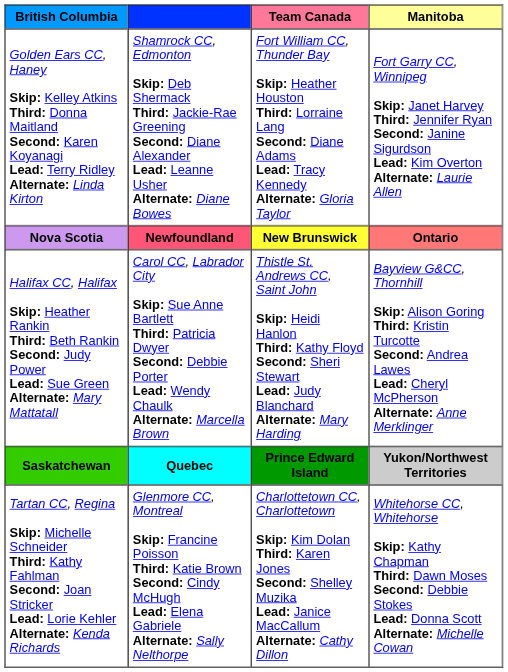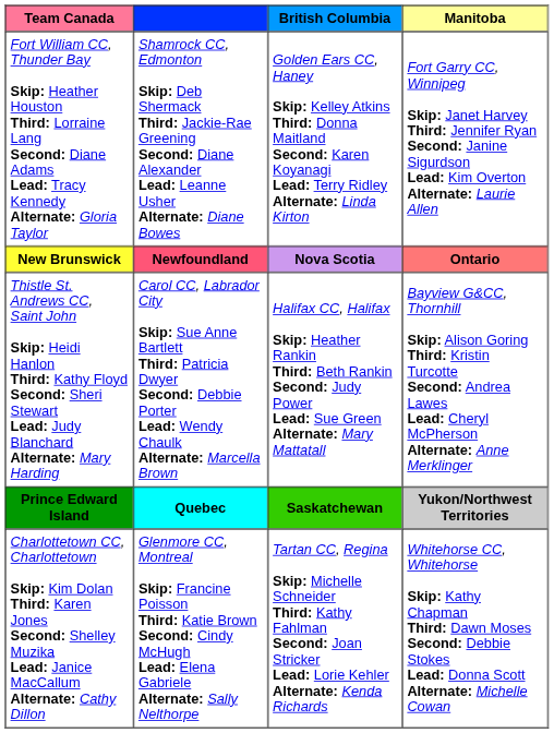 <table border=1 cellpadding=5 cellspacing=0>
 <tr>
+<th bgcolor="#ff7799" width="200">Team Canada</th>
+<th bgcolor="#0033ff" width="200"></th>
 <th bgcolor="#0099ff" width="200">British Columbia</th>
-<th bgcolor="#0033ff" width="200"></th>
-<th bgcolor="#ff7799" width="200">Team Canada</th>
 <th bgcolor="#ffff99" width="200">Manitoba</th>
 </tr>
 <tr align=center>
+<td align=left><em><a href='#'>Fort William CC</a>, <a href='#'>Thunder Bay</a></em> <br><br><strong>Skip:</strong>  <a href='#'>Heather Houston</a><br> <strong>Third:</strong> <a href='#'>Lorraine Lang</a><br> <strong>Second:</strong> <a href='#'>Diane Adams</a><br> <strong>Lead:</strong> <a href='#'>Tracy Kennedy</a><br> <strong>Alternate:</strong> <em><a href='#'>Gloria Taylor</a></em></td>
+<td align=left><em><a href='#'>Shamrock CC</a>, <a href='#'>Edmonton</a></em> <br><br><strong>Skip:</strong>  <a href='#'>Deb Shermack</a><br> <strong>Third:</strong> <a href='#'>Jackie-Rae Greening</a><br> <strong>Second:</strong> <a href='#'>Diane Alexander</a><br> <strong>Lead:</strong> <a href='#'>Leanne Usher</a><br> <strong>Alternate:</strong> <em><a href='#'>Diane Bowes</a></em></td>
 <td align=left><em><a href='#'>Golden Ears CC</a>, <a href='#'>Haney</a></em> <br><br><strong>Skip:</strong>  <a href='#'>Kelley Atkins</a><br> <strong>Third:</strong> <a href='#'>Donna Maitland</a><br> <strong>Second:</strong> <a href='#'>Karen Koyanagi</a><br> <strong>Lead:</strong> <a href='#'>Terry Ridley</a><br> <strong>Alternate:</strong> <em><a href='#'>Linda Kirton</a></em></td>
-<td align=left><em><a href='#'>Shamrock CC</a>, <a href='#'>Edmonton</a></em> <br><br><strong>Skip:</strong>  <a href='#'>Deb Shermack</a><br> <strong>Third:</strong> <a href='#'>Jackie-Rae Greening</a><br> <strong>Second:</strong> <a href='#'>Diane Alexander</a><br> <strong>Lead:</strong> <a href='#'>Leanne Usher</a><br> <strong>Alternate:</strong> <em><a href='#'>Diane Bowes</a></em></td>
-<td align=left><em><a href='#'>Fort William CC</a>, <a href='#'>Thunder Bay</a></em> <br><br><strong>Skip:</strong>  <a href='#'>Heather Houston</a><br> <strong>Third:</strong> <a href='#'>Lorraine Lang</a><br> <strong>Second:</strong> <a href='#'>Diane Adams</a><br> <strong>Lead:</strong> <a href='#'>Tracy Kennedy</a><br> <strong>Alternate:</strong> <em><a href='#'>Gloria Taylor</a></em></td>
 <td align=left><em><a href='#'>Fort Garry CC</a>, <a href='#'>Winnipeg</a></em> <br><br><strong>Skip:</strong>  <a href='#'>Janet Harvey</a><br> <strong>Third:</strong> <a href='#'>Jennifer Ryan</a><br> <strong>Second:</strong> <a href='#'>Janine Sigurdson</a><br> <strong>Lead:</strong> <a href='#'>Kim Overton</a><br> <strong>Alternate:</strong> <em><a href='#'>Laurie Allen</a></em></td>
 </tr>
 <tr border=1 cellpadding=5 cellspacing=0>
+<th bgcolor="#ffff33" width="200">New Brunswick</th>
+<th bgcolor="#ff5577" width="200">Newfoundland</th>
 <th bgcolor="#cc99ee" width="200">Nova Scotia</th>
-<th bgcolor="#ff5577" width="200">Newfoundland</th>
-<th bgcolor="#ffff33" width="200">New Brunswick</th>
 <th bgcolor="#ff7777" width="200">Ontario</th>
 </tr>
 <tr align=center>
+<td align=left><em><a href='#'>Thistle St. Andrews CC</a>, <a href='#'>Saint John</a></em> <br><br><strong>Skip:</strong>  <a href='#'>Heidi Hanlon</a><br> <strong>Third:</strong> <a href='#'>Kathy Floyd</a><br> <strong>Second:</strong> <a href='#'>Sheri Stewart</a><br> <strong>Lead:</strong> <a href='#'>Judy Blanchard</a><br> <strong>Alternate:</strong> <em><a href='#'>Mary Harding</a></em></td>
+<td align=left><em><a href='#'>Carol CC</a>, <a href='#'>Labrador City</a></em> <br><br><strong>Skip:</strong>  <a href='#'>Sue Anne Bartlett</a> <br> <strong>Third:</strong> <a href='#'>Patricia Dwyer</a><br> <strong>Second:</strong> <a href='#'>Debbie Porter</a><br> <strong>Lead:</strong> <a href='#'>Wendy Chaulk</a><br> <strong>Alternate:</strong> <em><a href='#'>Marcella Brown</a></em></td>
 <td align=left><em><a href='#'>Halifax CC</a>, <a href='#'>Halifax</a></em> <br><br><strong>Skip:</strong>  <a href='#'>Heather Rankin</a><br> <strong>Third:</strong> <a href='#'>Beth Rankin</a><br> <strong>Second:</strong> <a href='#'>Judy Power</a><br> <strong>Lead:</strong> <a href='#'>Sue Green</a><br> <strong>Alternate:</strong> <em><a href='#'>Mary Mattatall</a></em></td>
-<td align=left><em><a href='#'>Carol CC</a>, <a href='#'>Labrador City</a></em> <br><br><strong>Skip:</strong>  <a href='#'>Sue Anne Bartlett</a> <br> <strong>Third:</strong> <a href='#'>Patricia Dwyer</a><br> <strong>Second:</strong> <a href='#'>Debbie Porter</a><br> <strong>Lead:</strong> <a href='#'>Wendy Chaulk</a><br> <strong>Alternate:</strong> <em><a href='#'>Marcella Brown</a></em></td>
-<td align=left><em><a href='#'>Thistle St. Andrews CC</a>, <a href='#'>Saint John</a></em> <br><br><strong>Skip:</strong>  <a href='#'>Heidi Hanlon</a><br> <strong>Third:</strong> <a href='#'>Kathy Floyd</a><br> <strong>Second:</strong> <a href='#'>Sheri Stewart</a><br> <strong>Lead:</strong> <a href='#'>Judy Blanchard</a><br> <strong>Alternate:</strong> <em><a href='#'>Mary Harding</a></em></td>
 <td align=left><em><a href='#'>Bayview G&CC</a>, <a href='#'>Thornhill</a></em> <br><br><strong>Skip:</strong>  <a href='#'>Alison Goring</a><br> <strong>Third:</strong> <a href='#'>Kristin Turcotte</a><br> <strong>Second:</strong> <a href='#'>Andrea Lawes</a><br> <strong>Lead:</strong> <a href='#'>Cheryl McPherson</a><br> <strong>Alternate:</strong> <em><a href='#'>Anne Merklinger</a></em></td>
 </tr>
 <tr border=1 cellpadding=5 cellspacing=0>
+<th bgcolor="#009900" width="200">Prince Edward Island</th>
+<th bgcolor="#00ffff" width="200">Quebec</th>
 <th bgcolor="#33cc00" width="200">Saskatchewan</th>
-<th bgcolor="#00ffff" width="200">Quebec</th>
-<th bgcolor="#009900" width="200">Prince Edward Island</th>
 <th bgcolor="#cccccc" width="200">Yukon/Northwest Territories</th>
 </tr>
 <tr align=center>
+<td align=left><em><a href='#'>Charlottetown CC</a>, <a href='#'>Charlottetown</a></em> <br><br><strong>Skip:</strong>  <a href='#'>Kim Dolan</a><br> <strong>Third:</strong> <a href='#'>Karen Jones</a><br> <strong>Second:</strong> <a href='#'>Shelley Muzika</a><br> <strong>Lead:</strong> <a href='#'>Janice MacCallum</a><br> <strong>Alternate:</strong> <em><a href='#'>Cathy Dillon</a></em></td>
+<td align=left><em><a href='#'>Glenmore CC</a>, <a href='#'>Montreal</a></em> <br><br><strong>Skip:</strong>  <a href='#'>Francine Poisson</a><br> <strong>Third:</strong> <a href='#'>Katie Brown</a><br> <strong>Second:</strong> <a href='#'>Cindy McHugh</a><br> <strong>Lead:</strong> <a href='#'>Elena Gabriele</a><br> <strong>Alternate:</strong> <em><a href='#'>Sally Nelthorpe</a></em></td>
 <td align=left><em><a href='#'>Tartan CC</a>, <a href='#'>Regina</a></em> <br><br><strong>Skip:</strong>  <a href='#'>Michelle Schneider</a><br> <strong>Third:</strong> <a href='#'>Kathy Fahlman</a><br> <strong>Second:</strong> <a href='#'>Joan Stricker</a><br> <strong>Lead:</strong> <a href='#'>Lorie Kehler</a><br> <strong>Alternate:</strong> <em><a href='#'>Kenda Richards</a></em></td>
-<td align=left><em><a href='#'>Glenmore CC</a>, <a href='#'>Montreal</a></em> <br><br><strong>Skip:</strong>  <a href='#'>Francine Poisson</a><br> <strong>Third:</strong> <a href='#'>Katie Brown</a><br> <strong>Second:</strong> <a href='#'>Cindy McHugh</a><br> <strong>Lead:</strong> <a href='#'>Elena Gabriele</a><br> <strong>Alternate:</strong> <em><a href='#'>Sally Nelthorpe</a></em></td>
-<td align=left><em><a href='#'>Charlottetown CC</a>, <a href='#'>Charlottetown</a></em> <br><br><strong>Skip:</strong>  <a href='#'>Kim Dolan</a><br> <strong>Third:</strong> <a href='#'>Karen Jones</a><br> <strong>Second:</strong> <a href='#'>Shelley Muzika</a><br> <strong>Lead:</strong> <a href='#'>Janice MacCallum</a><br> <strong>Alternate:</strong> <em><a href='#'>Cathy Dillon</a></em></td>
 <td align=left><em><a href='#'>Whitehorse CC</a>, <a href='#'>Whitehorse</a></em> <br><br><strong>Skip:</strong>  <a href='#'>Kathy Chapman</a><br> <strong>Third:</strong> <a href='#'>Dawn Moses</a><br> <strong>Second:</strong> <a href='#'>Debbie Stokes</a><br> <strong>Lead:</strong> <a href='#'>Donna Scott</a><br> <strong>Alternate:</strong> <em><a href='#'>Michelle Cowan</a></em></td>
 </tr>
 </table>
